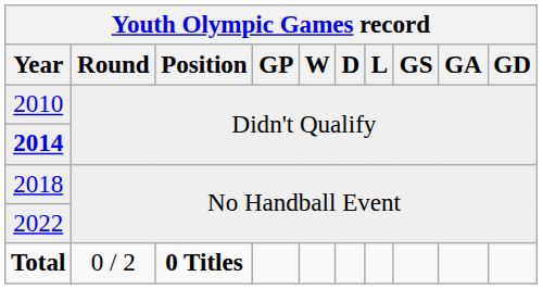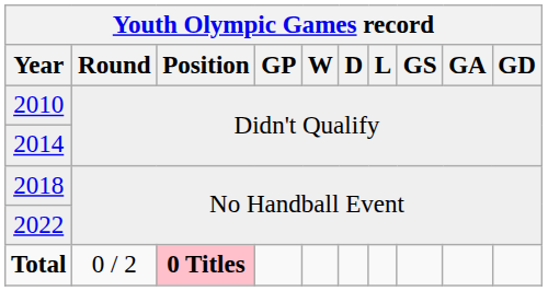 <table class="wikitable" style="text-align: center;">
 <tr>
 <th colspan=10><a href='#'>Youth Olympic Games</a> record</th>
 </tr>
 <tr>
 <th>Year</th>
 <th>Round</th>
 <th>Position</th>
 <th>GP</th>
 <th>W</th>
 <th>D</th>
 <th>L</th>
 <th>GS</th>
 <th>GA</th>
 <th>GD</th>
 </tr>
 <tr bgcolor="efefef">
 <td> <a href='#'>2010</a></td>
 <td Colspan=10 rowspan=2>Didn't Qualify</td>
 </tr>
 <tr bgcolor="efefef">
-<td><strong> <a href='#'>2014</a></strong></td>
+<td> <a href='#'>2014</a></td>
 </tr>
 <tr bgcolor="efefef">
 <td> <a href='#'>2018</a></td>
 <td colspan=10 rowspan=2>No Handball Event</td>
 </tr>
 <tr bgcolor="efefef">
 <td> <a href='#'>2022</a></td>
 </tr>
 <tr>
 <td><strong>Total</strong></td>
 <td>0 / 2</td>
-<td><strong>0 Titles</strong></td>
+<td style="background: pink;"><strong>0 Titles</strong></td>
 <td></td>
 <td></td>
 <td></td>
 <td></td>
 <td></td>
 <td></td>
 <td></td>
 </tr>
 </table>
